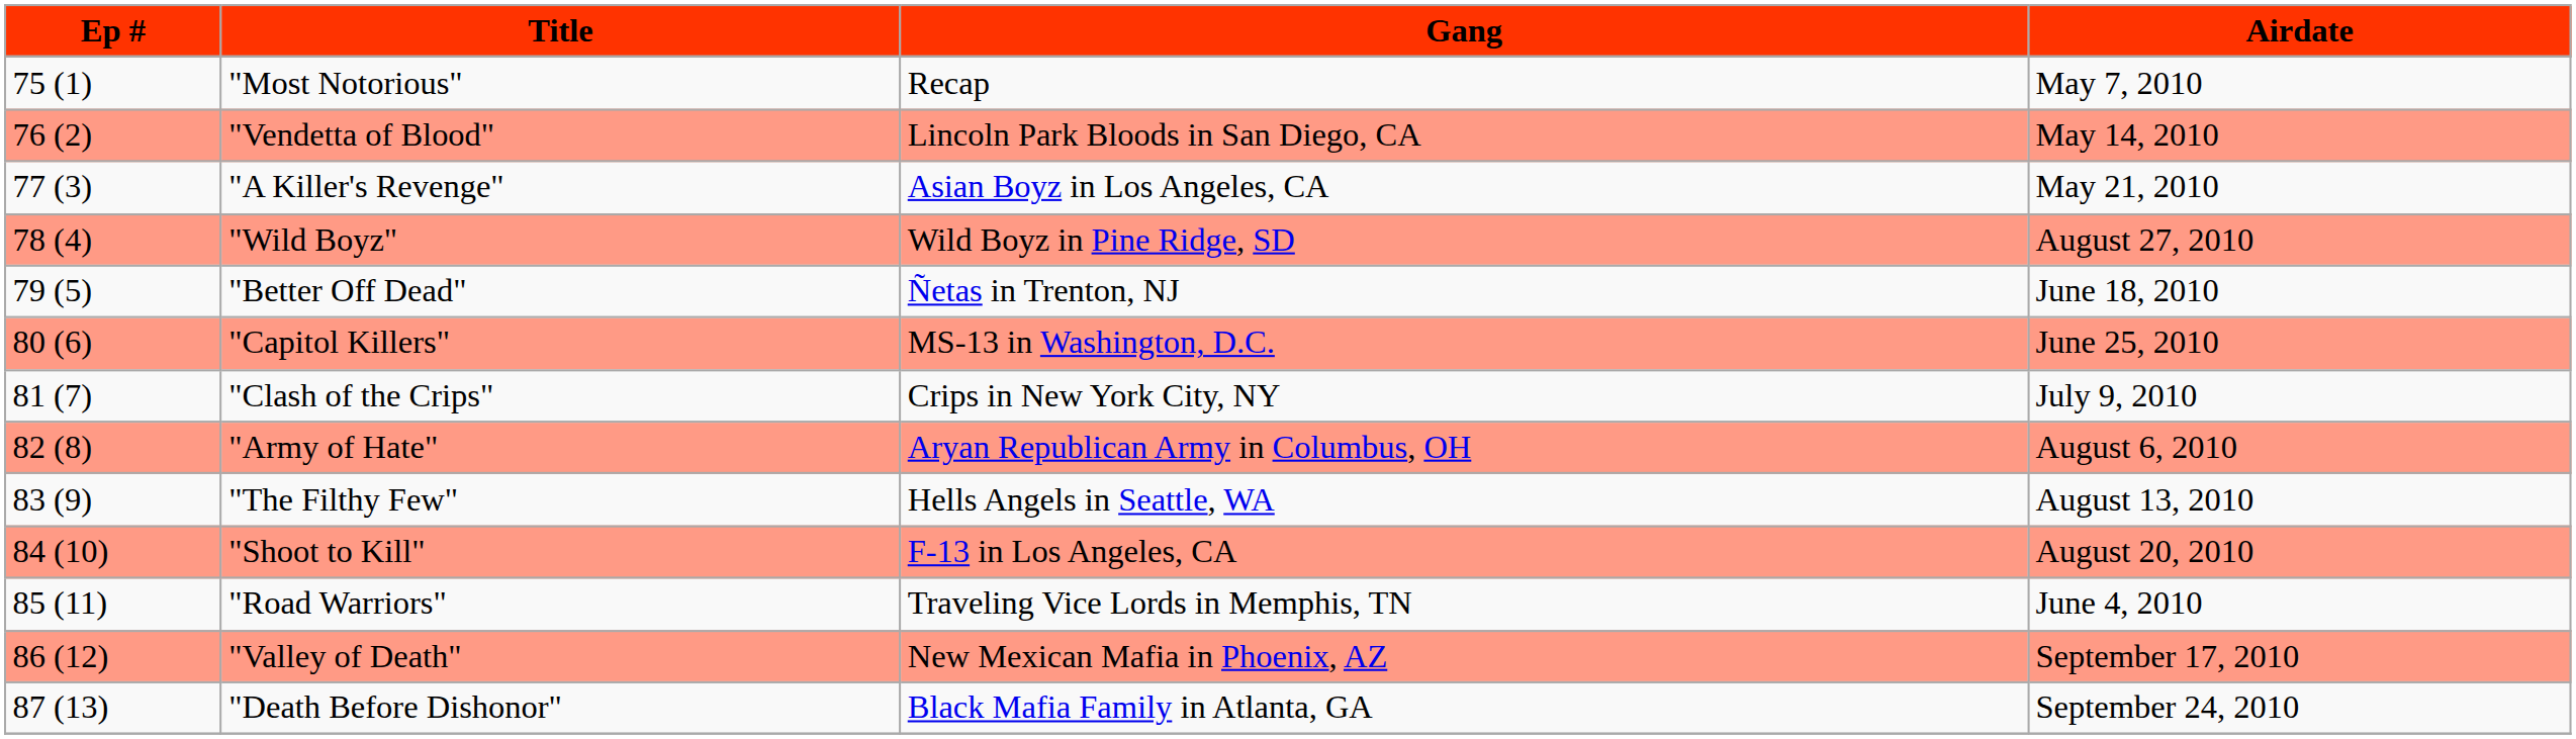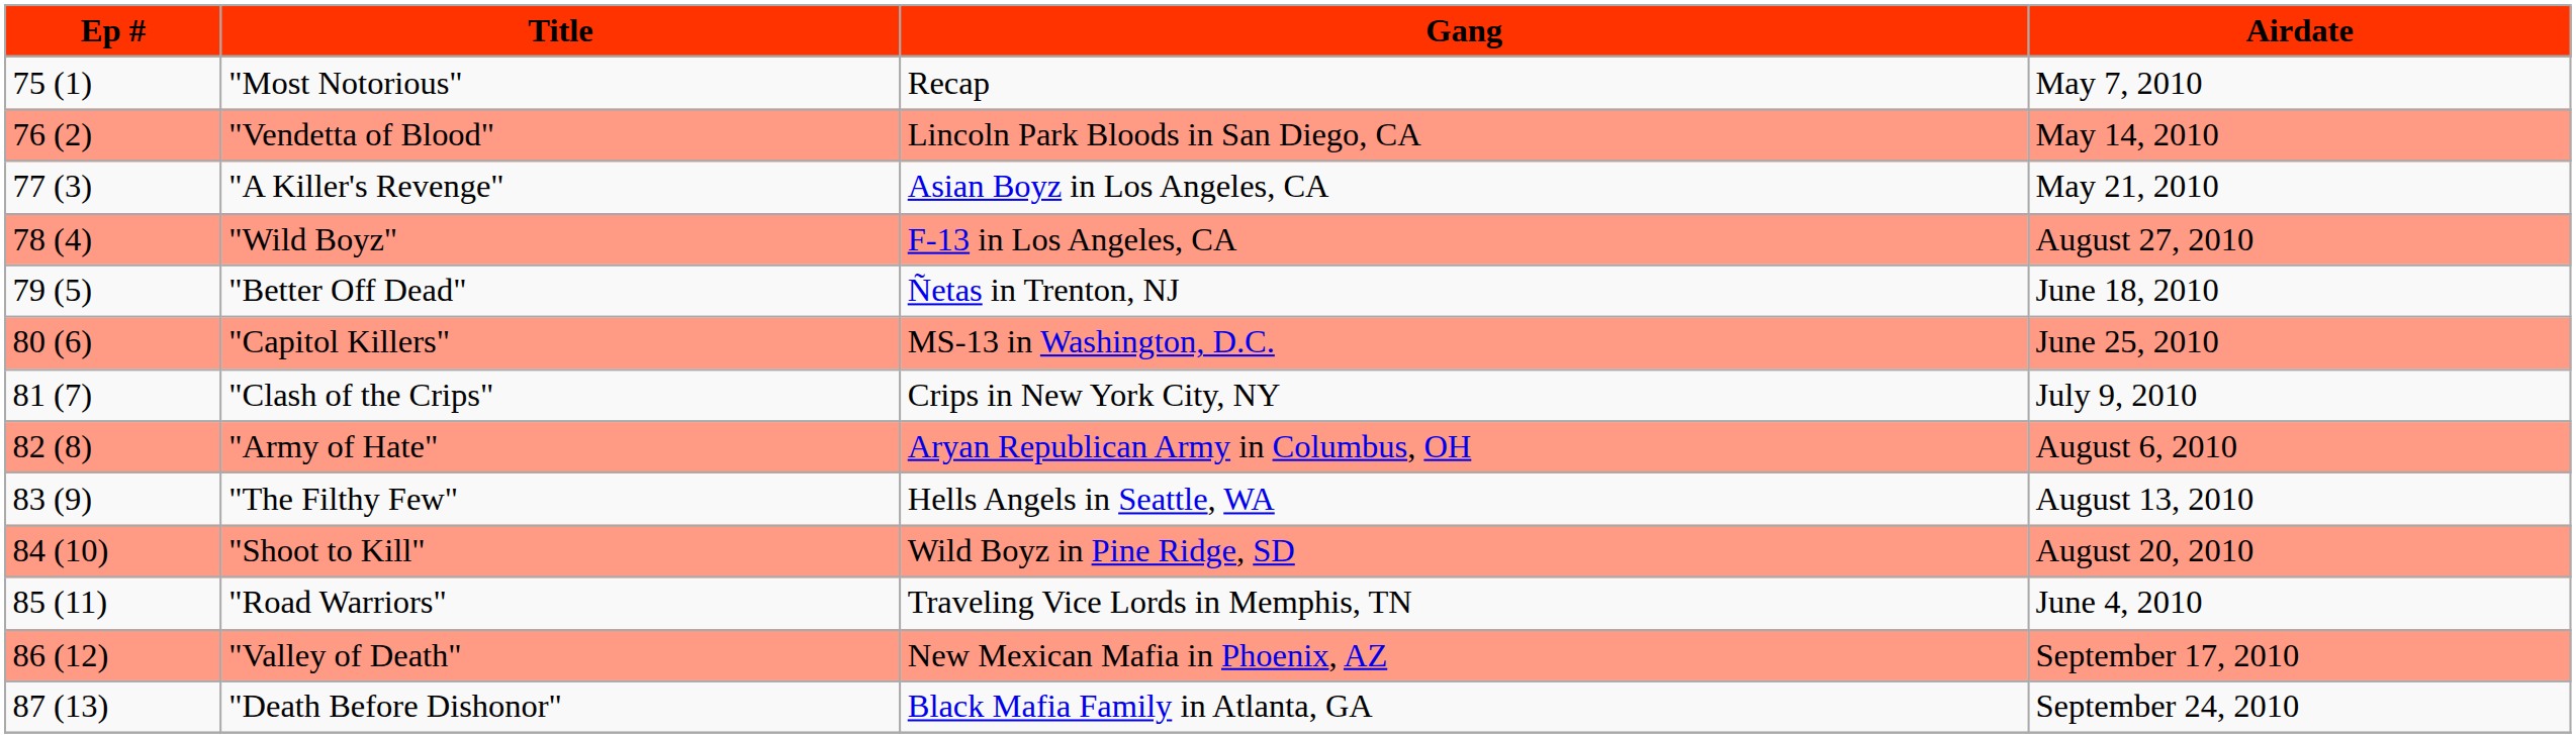 <table class="wikitable" width=99%>
 <tr>
 <th style="background-color: #FF3300"><span>Ep #</span></th>
 <th style="background-color: #FF3300"><span>Title</span></th>
 <th style="background-color: #FF3300"><span>Gang</span></th>
 <th style="background-color: #FF3300"><span>Airdate</span></th>
 </tr>
 <tr style="background-color: #FF3300;" |>
 </tr>
 <tr style="background-color: #FFFFF;"   |>
 <td>75 (1)</td>
 <td>"Most Notorious"</td>
 <td>Recap</td>
 <td>May 7, 2010</td>
 </tr>
 <tr style="background-color: #FF9A85;"   |>
 <td>76 (2)</td>
 <td>"Vendetta of Blood"</td>
 <td>Lincoln Park Bloods in San Diego, CA</td>
 <td>May 14, 2010</td>
 </tr>
 <tr style="background-color: #FFFFF;"   |>
 <td>77 (3)</td>
 <td>"A Killer's Revenge"</td>
 <td><a href='#'>Asian Boyz</a> in Los Angeles, CA</td>
 <td>May 21, 2010</td>
 </tr>
 <tr style="background-color: #FF9A85;"   |>
 <td>78 (4)</td>
 <td>"Wild Boyz"</td>
-<td>Wild Boyz in <a href='#'>Pine Ridge</a>, <a href='#'>SD</a></td>
+<td><a href='#'>F-13</a> in Los Angeles, CA</td>
 <td>August 27, 2010</td>
 </tr>
 <tr style="background-color: #FFFFF;"   |>
 <td>79 (5)</td>
 <td>"Better Off Dead"</td>
 <td><a href='#'>Ñetas</a> in Trenton, NJ</td>
 <td>June 18, 2010</td>
 </tr>
 <tr style="background-color: #FF9A85;"   |>
 <td>80 (6)</td>
 <td>"Capitol Killers"</td>
 <td>MS-13 in <a href='#'>Washington, D.C.</a></td>
 <td>June 25, 2010</td>
 </tr>
 <tr style="background-color: #FFFFF;">
 <td>81 (7)</td>
 <td>"Clash of the Crips"</td>
 <td>Crips in New York City, NY</td>
 <td>July 9, 2010</td>
 </tr>
 <tr style="background-color: #FF9A85;">
 <td>82 (8)</td>
 <td>"Army of Hate"</td>
 <td><a href='#'>Aryan Republican Army</a> in <a href='#'>Columbus</a>, <a href='#'>OH</a></td>
 <td>August 6, 2010</td>
 </tr>
 <tr style="background-color: #FFFFF;">
 <td>83 (9)</td>
 <td>"The Filthy Few"</td>
 <td>Hells Angels in <a href='#'>Seattle</a>, <a href='#'>WA</a></td>
 <td>August 13, 2010</td>
 </tr>
 <tr style="background-color: #FF9A85;">
 <td>84 (10)</td>
 <td>"Shoot to Kill"</td>
-<td><a href='#'>F-13</a> in Los Angeles, CA</td>
+<td>Wild Boyz in <a href='#'>Pine Ridge</a>, <a href='#'>SD</a></td>
 <td>August 20, 2010</td>
 </tr>
 <tr style="background-color: #FFFFF;">
 <td>85 (11)</td>
 <td>"Road Warriors"</td>
 <td>Traveling Vice Lords in Memphis, TN</td>
 <td>June 4, 2010</td>
 </tr>
 <tr style="background-color: #FF9A85;">
 <td>86 (12)</td>
 <td>"Valley of Death"</td>
 <td>New Mexican Mafia in <a href='#'>Phoenix</a>, <a href='#'>AZ</a></td>
 <td>September 17, 2010</td>
 </tr>
 <tr style="background-color: #FFFFF;">
 <td>87 (13)</td>
 <td>"Death Before Dishonor"</td>
 <td><a href='#'>Black Mafia Family</a> in Atlanta, GA</td>
 <td>September 24, 2010</td>
 </tr>
 <tr style="background-color: #FFFFF;">
 </tr>
 <tr style="background-colo">
 </tr>
 <tr style="background-color: #FFFFF;">
 </tr>
 <tr style="background-color: #FF9A85;"   |>
 </tr>
 </table>
